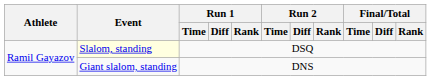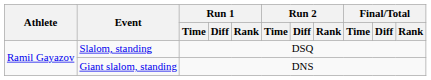 <table class="wikitable" style="font-size:90%">
 <tr>
 <th rowspan="2">Athlete</th>
 <th rowspan="2">Event</th>
 <th colspan="3">Run 1</th>
 <th colspan="3">Run 2</th>
 <th colspan="3">Final/Total</th>
 </tr>
 <tr>
 <th>Time</th>
 <th>Diff</th>
 <th>Rank</th>
 <th>Time</th>
 <th>Diff</th>
 <th>Rank</th>
 <th>Time</th>
 <th>Diff</th>
 <th>Rank</th>
 </tr>
 <tr>
 <td rowspan=2><a href='#'>Ramil Gayazov</a></td>
-<td style="background: lightyellow;"><a href='#'>Slalom, standing</a></td>
+<td><a href='#'>Slalom, standing</a></td>
 <td align="center" colspan=9>DSQ</td>
 </tr>
 <tr>
 <td><a href='#'>Giant slalom, standing</a></td>
 <td align="center" colspan=9>DNS</td>
 </tr>
 </table>
